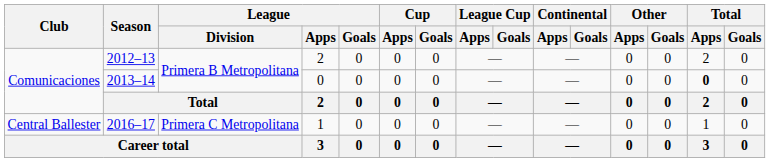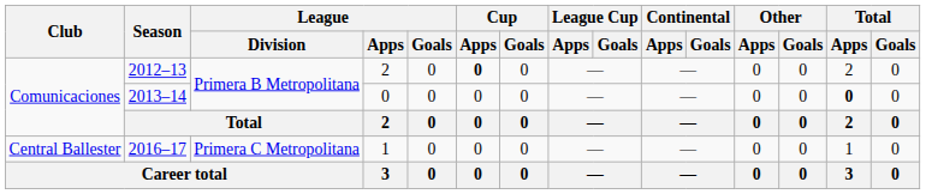 <table class="wikitable" style="text-align:center">
 <tr>
 <th rowspan="2">Club</th>
 <th rowspan="2">Season</th>
 <th colspan="3">League</th>
 <th colspan="2">Cup</th>
 <th colspan="2">League Cup</th>
 <th colspan="2">Continental</th>
 <th colspan="2">Other</th>
 <th colspan="2">Total</th>
 </tr>
 <tr>
 <th>Division</th>
 <th>Apps</th>
 <th>Goals</th>
 <th>Apps</th>
 <th>Goals</th>
 <th>Apps</th>
 <th>Goals</th>
 <th>Apps</th>
 <th>Goals</th>
 <th>Apps</th>
 <th>Goals</th>
 <th>Apps</th>
 <th>Goals</th>
 </tr>
 <tr>
 <td rowspan="3"><a href='#'>Comunicaciones</a></td>
 <td><a href='#'>2012–13</a></td>
 <td rowspan="2"><a href='#'>Primera B Metropolitana</a></td>
 <td>2</td>
 <td>0</td>
-<td>0</td>
+<td><strong>0</strong></td>
 <td>0</td>
 <td colspan="2">—</td>
 <td colspan="2">—</td>
 <td>0</td>
 <td>0</td>
 <td>2</td>
 <td>0</td>
 </tr>
 <tr>
 <td><a href='#'>2013–14</a></td>
 <td>0</td>
 <td>0</td>
 <td>0</td>
 <td>0</td>
 <td colspan="2">—</td>
 <td colspan="2">—</td>
 <td>0</td>
 <td>0</td>
 <td><strong>0</strong></td>
 <td>0</td>
 </tr>
 <tr>
 <th colspan="2">Total</th>
 <th>2</th>
 <th>0</th>
 <th>0</th>
 <th>0</th>
 <th colspan="2">—</th>
 <th colspan="2">—</th>
 <th>0</th>
 <th>0</th>
 <th>2</th>
 <th>0</th>
 </tr>
 <tr>
 <td rowspan="1"><a href='#'>Central Ballester</a></td>
 <td><a href='#'>2016–17</a></td>
 <td rowspan="1"><a href='#'>Primera C Metropolitana</a></td>
 <td>1</td>
 <td>0</td>
 <td>0</td>
 <td>0</td>
 <td colspan="2">—</td>
 <td colspan="2">—</td>
 <td>0</td>
 <td>0</td>
 <td>1</td>
 <td>0</td>
 </tr>
 <tr>
 <th colspan="3">Career total</th>
 <th>3</th>
 <th>0</th>
 <th>0</th>
 <th>0</th>
 <th colspan="2">—</th>
 <th colspan="2">—</th>
 <th>0</th>
 <th>0</th>
 <th>3</th>
 <th>0</th>
 </tr>
 </table>
